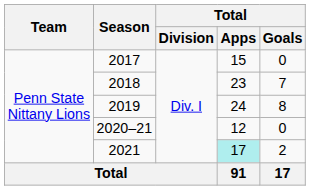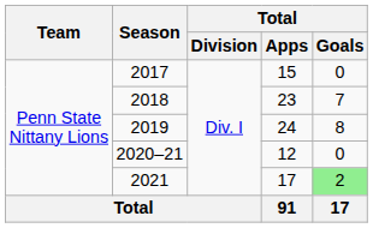 <table class="wikitable" style="text-align: center;">
 <tr>
 <th rowspan="2">Team</th>
 <th rowspan="2">Season</th>
 <th colspan="3">Total</th>
 </tr>
 <tr>
 <th>Division</th>
 <th>Apps</th>
 <th>Goals</th>
 </tr>
 <tr>
 <td rowspan="5"><a href='#'>Penn State<br>Nittany Lions</a></td>
 <td>2017</td>
 <td rowspan="5"><a href='#'>Div. I</a></td>
 <td>15</td>
 <td>0</td>
 </tr>
 <tr>
 <td>2018</td>
 <td>23</td>
 <td>7</td>
 </tr>
 <tr>
 <td>2019</td>
 <td>24</td>
 <td>8</td>
 </tr>
 <tr>
 <td>2020–21</td>
 <td>12</td>
 <td>0</td>
 </tr>
 <tr>
 <td>2021</td>
-<td style="background: paleturquoise;">17</td>
-<td>2</td>
+<td>17</td>
+<td style="background: lightgreen;">2</td>
 </tr>
 <tr>
 <th colspan="3">Total</th>
 <th>91</th>
 <th>17</th>
 </tr>
 </table>
